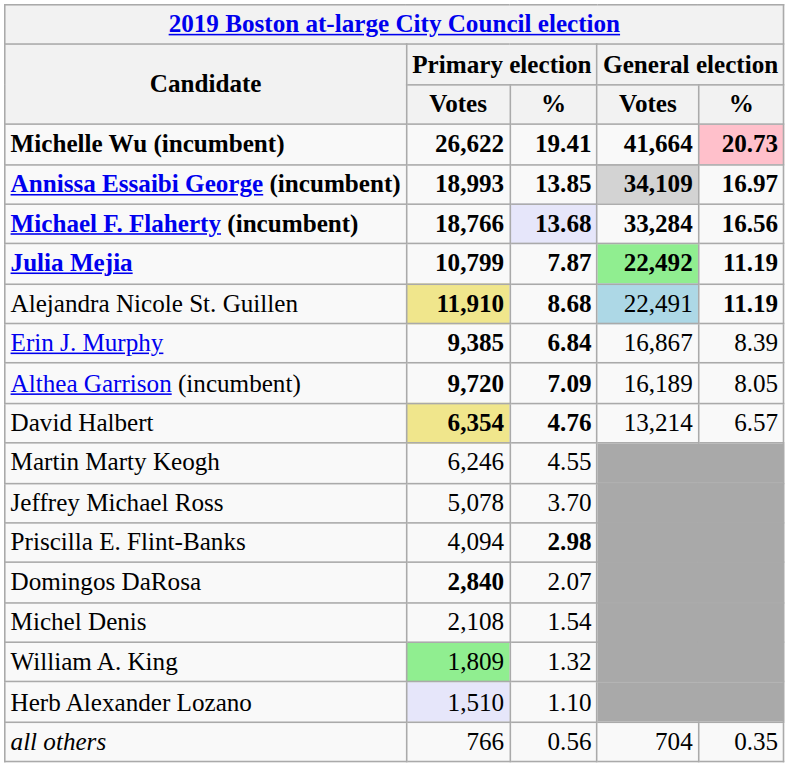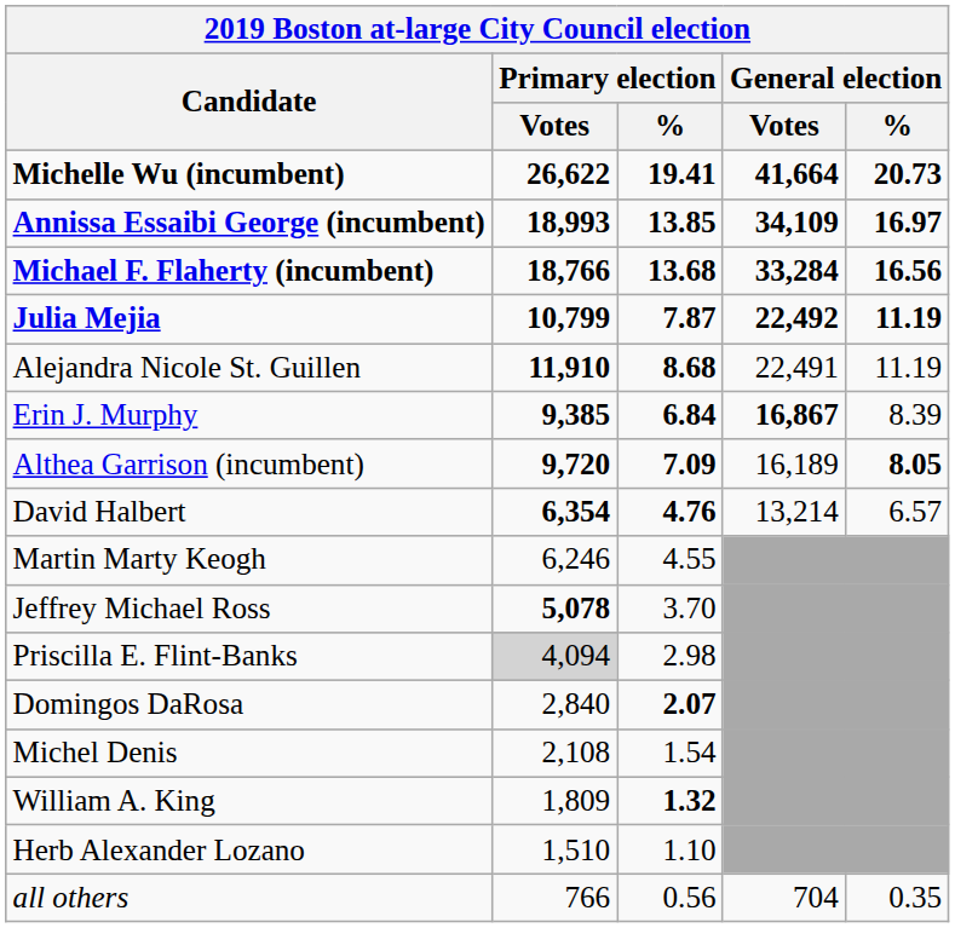 <table class=wikitable>
 <tr>
 <th colspan=5><a href='#'>2019 Boston at-large City Council election</a></th>
 </tr>
 <tr>
 <th colspan=1 rowspan=2>Candidate</th>
 <th colspan=2><strong>Primary election</strong></th>
 <th colspan=2><strong>General election</strong></th>
 </tr>
 <tr>
 <th>Votes</th>
 <th>%</th>
 <th>Votes</th>
 <th>%</th>
 </tr>
 <tr>
 <td><strong>Michelle Wu (incumbent) </strong></td>
 <td align="right"><strong>26,622</strong></td>
 <td align="right"><strong>19.41</strong></td>
 <td align="right"><strong>41,664</strong></td>
-<td align="right" style="background: pink;"><strong>20.73</strong></td>
+<td align="right"><strong>20.73</strong></td>
 </tr>
 <tr>
 <td><strong><a href='#'>Annissa Essaibi George</a> (incumbent)</strong></td>
 <td align="right"><strong>18,993</strong></td>
 <td align="right"><strong>13.85</strong></td>
-<td align="right" style="background: lightgrey;"><strong>34,109</strong></td>
+<td align="right"><strong>34,109</strong></td>
 <td align="right"><strong>16.97</strong></td>
 </tr>
 <tr>
 <td><strong><a href='#'>Michael F. Flaherty</a> (incumbent)</strong></td>
 <td align="right"><strong>18,766</strong></td>
-<td align="right" style="background: lavender;"><strong>13.68</strong></td>
+<td align="right"><strong>13.68</strong></td>
 <td align="right"><strong>33,284</strong></td>
 <td align="right"><strong>16.56</strong></td>
 </tr>
 <tr>
 <td><strong><a href='#'>Julia Mejia</a></strong></td>
 <td align="right"><strong>10,799</strong></td>
 <td align="right"><strong>7.87</strong></td>
-<td align="right" style="background: lightgreen;"><strong>22,492</strong></td>
+<td align="right"><strong>22,492</strong></td>
 <td align="right"><strong>11.19</strong></td>
 </tr>
 <tr>
 <td>Alejandra Nicole St. Guillen</td>
-<td align="right" style="background: khaki;"><strong>11,910</strong></td>
+<td align="right"><strong>11,910</strong></td>
 <td align="right"><strong>8.68</strong></td>
-<td align="right" style="background: lightblue;">22,491</td>
-<td align="right"><strong>11.19</strong></td>
+<td align="right">22,491</td>
+<td align="right">11.19</td>
 </tr>
 <tr>
 <td><a href='#'>Erin J. Murphy</a></td>
 <td align="right"><strong>9,385</strong></td>
 <td align="right"><strong>6.84</strong></td>
-<td align="right">16,867</td>
+<td align="right"><strong>16,867</strong></td>
 <td align="right">8.39</td>
 </tr>
 <tr>
 <td><a href='#'>Althea Garrison</a> (incumbent)</td>
 <td align="right"><strong>9,720</strong></td>
 <td align="right"><strong>7.09</strong></td>
 <td align="right">16,189</td>
-<td align="right">8.05</td>
+<td align="right"><strong>8.05</strong></td>
 </tr>
 <tr>
 <td>David Halbert</td>
-<td align="right" style="background: khaki;"><strong>6,354</strong></td>
+<td align="right"><strong>6,354</strong></td>
 <td align="right"><strong>4.76</strong></td>
 <td align="right">13,214</td>
 <td align="right">6.57</td>
 </tr>
 <tr>
 <td>Martin Marty Keogh</td>
 <td align="right">6,246</td>
 <td align="right">4.55</td>
 <td colspan=2 bgcolor=darkgray> </td>
 </tr>
 <tr>
 <td>Jeffrey Michael Ross</td>
-<td align="right">5,078</td>
+<td align="right"><strong>5,078</strong></td>
 <td align="right">3.70</td>
 <td colspan=2 bgcolor=darkgray> </td>
 </tr>
 <tr>
 <td>Priscilla E. Flint-Banks</td>
-<td align="right">4,094</td>
-<td align="right"><strong>2.98</strong></td>
+<td align="right" style="background: lightgrey;">4,094</td>
+<td align="right">2.98</td>
 <td colspan=2 bgcolor=darkgray> </td>
 </tr>
 <tr>
 <td>Domingos DaRosa</td>
-<td align="right"><strong>2,840</strong></td>
-<td align="right">2.07</td>
+<td align="right">2,840</td>
+<td align="right"><strong>2.07</strong></td>
 <td colspan=2 bgcolor=darkgray> </td>
 </tr>
 <tr>
 <td>Michel Denis</td>
 <td align="right">2,108</td>
 <td align="right">1.54</td>
 <td colspan=2 bgcolor=darkgray> </td>
 </tr>
 <tr>
 <td>William A. King</td>
-<td align="right" style="background: lightgreen;">1,809</td>
-<td align="right">1.32</td>
+<td align="right">1,809</td>
+<td align="right"><strong>1.32</strong></td>
 <td colspan=2 bgcolor=darkgray> </td>
 </tr>
 <tr>
 <td>Herb Alexander Lozano</td>
-<td align="right" style="background: lavender;">1,510</td>
+<td align="right">1,510</td>
 <td align="right">1.10</td>
 <td colspan=2 bgcolor=darkgray> </td>
 </tr>
 <tr>
 <td><em>all others</em></td>
 <td align="right">766</td>
 <td align="right">0.56</td>
 <td align="right">704</td>
 <td align="right">0.35</td>
 </tr>
 </table>
